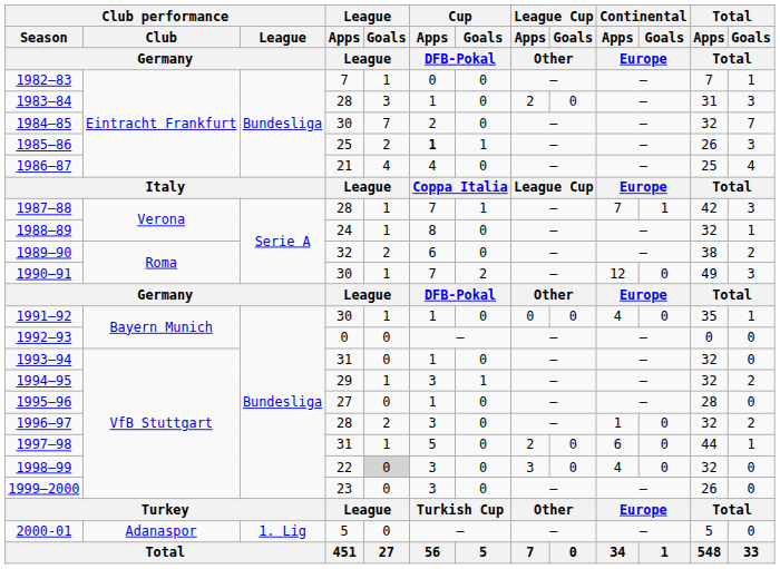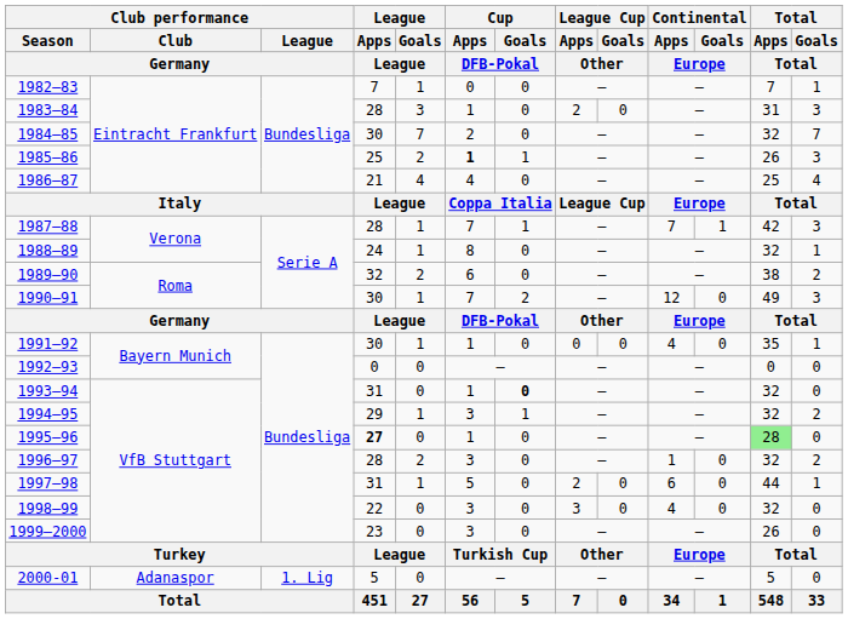 <table class="wikitable" style="text-align:center">
 <tr>
 <th colspan=3>Club performance</th>
 <th colspan=2>League</th>
 <th colspan=2>Cup</th>
 <th colspan=2>League Cup</th>
 <th colspan=2>Continental</th>
 <th colspan=2>Total</th>
 </tr>
 <tr>
 <th>Season</th>
 <th>Club</th>
 <th>League</th>
 <th>Apps</th>
 <th>Goals</th>
 <th>Apps</th>
 <th>Goals</th>
 <th>Apps</th>
 <th>Goals</th>
 <th>Apps</th>
 <th>Goals</th>
 <th>Apps</th>
 <th>Goals</th>
 </tr>
 <tr>
 <th colspan=3>Germany</th>
 <th colspan=2>League</th>
 <th colspan=2><a href='#'>DFB-Pokal</a></th>
 <th colspan=2>Other</th>
 <th colspan=2><a href='#'>Europe</a></th>
 <th colspan=2>Total</th>
 </tr>
 <tr>
 <td><a href='#'>1982–83</a></td>
 <td rowspan="5"><a href='#'>Eintracht Frankfurt</a></td>
 <td rowspan="5"><a href='#'>Bundesliga</a></td>
 <td>7</td>
 <td>1</td>
 <td>0</td>
 <td>0</td>
 <td colspan=2>—</td>
 <td colspan=2>—</td>
 <td>7</td>
 <td>1</td>
 </tr>
 <tr>
 <td><a href='#'>1983–84</a></td>
 <td>28</td>
 <td>3</td>
 <td>1</td>
 <td>0</td>
 <td>2</td>
 <td>0</td>
 <td colspan=2>—</td>
 <td>31</td>
 <td>3</td>
 </tr>
 <tr>
 <td><a href='#'>1984–85</a></td>
 <td>30</td>
 <td>7</td>
 <td>2</td>
 <td>0</td>
 <td colspan=2>—</td>
 <td colspan=2>—</td>
 <td>32</td>
 <td>7</td>
 </tr>
 <tr>
 <td><a href='#'>1985–86</a></td>
 <td>25</td>
 <td>2</td>
 <td><strong>1</strong></td>
 <td>1</td>
 <td colspan=2>—</td>
 <td colspan=2>—</td>
 <td>26</td>
 <td>3</td>
 </tr>
 <tr>
 <td><a href='#'>1986–87</a></td>
 <td>21</td>
 <td>4</td>
 <td>4</td>
 <td>0</td>
 <td colspan=2>—</td>
 <td colspan=2>—</td>
 <td>25</td>
 <td>4</td>
 </tr>
 <tr>
 <th colspan=3>Italy</th>
 <th colspan=2>League</th>
 <th colspan=2><a href='#'>Coppa Italia</a></th>
 <th colspan=2>League Cup</th>
 <th colspan=2><a href='#'>Europe</a></th>
 <th colspan=2>Total</th>
 </tr>
 <tr>
 <td><a href='#'>1987–88</a></td>
 <td rowspan="2"><a href='#'>Verona</a></td>
 <td rowspan="4"><a href='#'>Serie A</a></td>
 <td>28</td>
 <td>1</td>
 <td>7</td>
 <td>1</td>
 <td colspan=2>—</td>
 <td>7</td>
 <td>1</td>
 <td>42</td>
 <td>3</td>
 </tr>
 <tr>
 <td><a href='#'>1988–89</a></td>
 <td>24</td>
 <td>1</td>
 <td>8</td>
 <td>0</td>
 <td colspan=2>—</td>
 <td colspan=2>—</td>
 <td>32</td>
 <td>1</td>
 </tr>
 <tr>
 <td><a href='#'>1989–90</a></td>
 <td rowspan="2"><a href='#'>Roma</a></td>
 <td>32</td>
 <td>2</td>
 <td>6</td>
 <td>0</td>
 <td colspan=2>—</td>
 <td colspan=2>—</td>
 <td>38</td>
 <td>2</td>
 </tr>
 <tr>
 <td><a href='#'>1990–91</a></td>
 <td>30</td>
 <td>1</td>
 <td>7</td>
 <td>2</td>
 <td colspan=2>—</td>
 <td>12</td>
 <td>0</td>
 <td>49</td>
 <td>3</td>
 </tr>
 <tr>
 <th colspan=3>Germany</th>
 <th colspan=2>League</th>
 <th colspan=2><a href='#'>DFB-Pokal</a></th>
 <th colspan=2>Other</th>
 <th colspan=2><a href='#'>Europe</a></th>
 <th colspan=2>Total</th>
 </tr>
 <tr>
 <td><a href='#'>1991–92</a></td>
 <td rowspan="2"><a href='#'>Bayern Munich</a></td>
 <td rowspan="9"><a href='#'>Bundesliga</a></td>
 <td>30</td>
 <td>1</td>
 <td>1</td>
 <td>0</td>
 <td>0</td>
 <td>0</td>
 <td>4</td>
 <td>0</td>
 <td>35</td>
 <td>1</td>
 </tr>
 <tr>
 <td><a href='#'>1992–93</a></td>
 <td>0</td>
 <td>0</td>
 <td colspan=2>—</td>
 <td colspan=2>—</td>
 <td colspan=2>—</td>
 <td>0</td>
 <td>0</td>
 </tr>
 <tr>
 <td><a href='#'>1993–94</a></td>
 <td rowspan="7"><a href='#'>VfB Stuttgart</a></td>
 <td>31</td>
 <td>0</td>
 <td>1</td>
-<td>0</td>
+<td><strong>0</strong></td>
 <td colspan=2>—</td>
 <td colspan=2>—</td>
 <td>32</td>
 <td>0</td>
 </tr>
 <tr>
 <td><a href='#'>1994–95</a></td>
 <td>29</td>
 <td>1</td>
 <td>3</td>
 <td>1</td>
 <td colspan=2>—</td>
 <td colspan=2>—</td>
 <td>32</td>
 <td>2</td>
 </tr>
 <tr>
 <td><a href='#'>1995–96</a></td>
-<td>27</td>
+<td><strong>27</strong></td>
 <td>0</td>
 <td>1</td>
 <td>0</td>
 <td colspan=2>—</td>
 <td colspan=2>—</td>
-<td>28</td>
+<td style="background: lightgreen;">28</td>
 <td>0</td>
 </tr>
 <tr>
 <td><a href='#'>1996–97</a></td>
 <td>28</td>
 <td>2</td>
 <td>3</td>
 <td>0</td>
 <td colspan=2>—</td>
 <td>1</td>
 <td>0</td>
 <td>32</td>
 <td>2</td>
 </tr>
 <tr>
 <td><a href='#'>1997–98</a></td>
 <td>31</td>
 <td>1</td>
 <td>5</td>
 <td>0</td>
 <td>2</td>
 <td>0</td>
 <td>6</td>
 <td>0</td>
 <td>44</td>
 <td>1</td>
 </tr>
 <tr>
 <td><a href='#'>1998–99</a></td>
 <td>22</td>
-<td style="background: lightgrey;">0</td>
+<td>0</td>
 <td>3</td>
 <td>0</td>
 <td>3</td>
 <td>0</td>
 <td>4</td>
 <td>0</td>
 <td>32</td>
 <td>0</td>
 </tr>
 <tr>
 <td><a href='#'>1999–2000</a></td>
 <td>23</td>
 <td>0</td>
 <td>3</td>
 <td>0</td>
 <td colspan=2>—</td>
 <td colspan=2>—</td>
 <td>26</td>
 <td>0</td>
 </tr>
 <tr>
 <th colspan=3>Turkey</th>
 <th colspan=2>League</th>
 <th colspan=2>Turkish Cup</th>
 <th colspan=2>Other</th>
 <th colspan=2><a href='#'>Europe</a></th>
 <th colspan=2>Total</th>
 </tr>
 <tr>
 <td><a href='#'>2000-01</a></td>
 <td rowspan="1"><a href='#'>Adanaspor</a></td>
 <td rowspan="1"><a href='#'>1. Lig</a></td>
 <td>5</td>
 <td>0</td>
 <td colspan=2>—</td>
 <td colspan=2>—</td>
 <td colspan=2>—</td>
 <td>5</td>
 <td>0</td>
 </tr>
 <tr>
 <th colspan=3>Total</th>
 <th>451</th>
 <th>27</th>
 <th>56</th>
 <th>5</th>
 <th>7</th>
 <th>0</th>
 <th>34</th>
 <th>1</th>
 <th>548</th>
 <th>33</th>
 </tr>
 </table>
